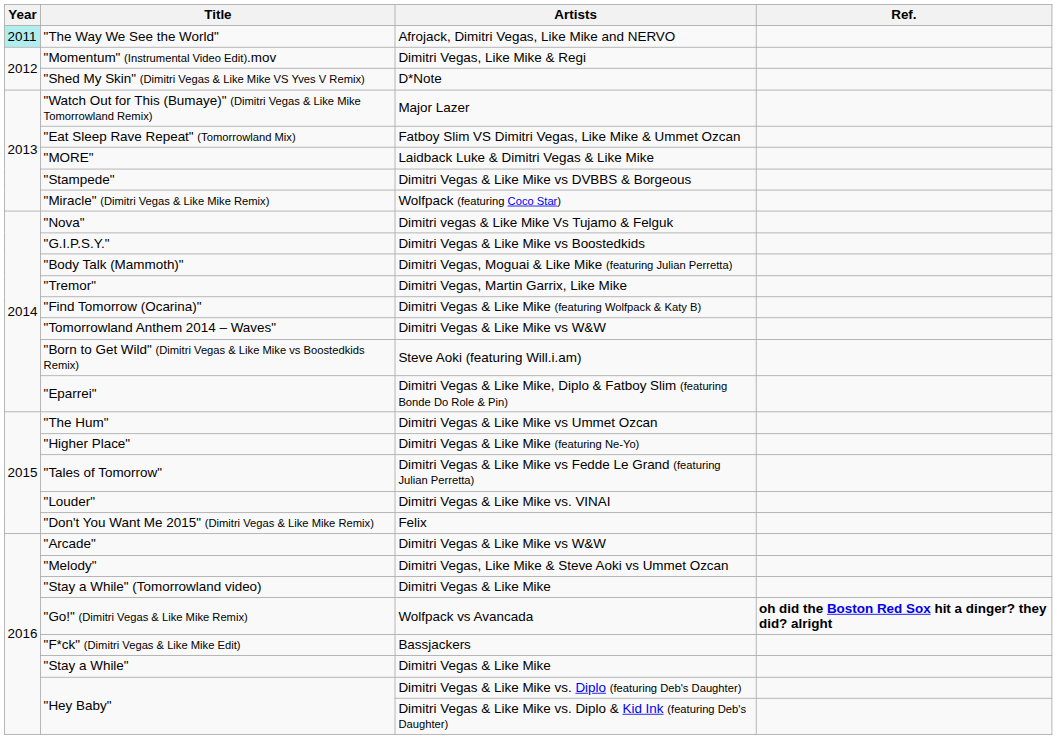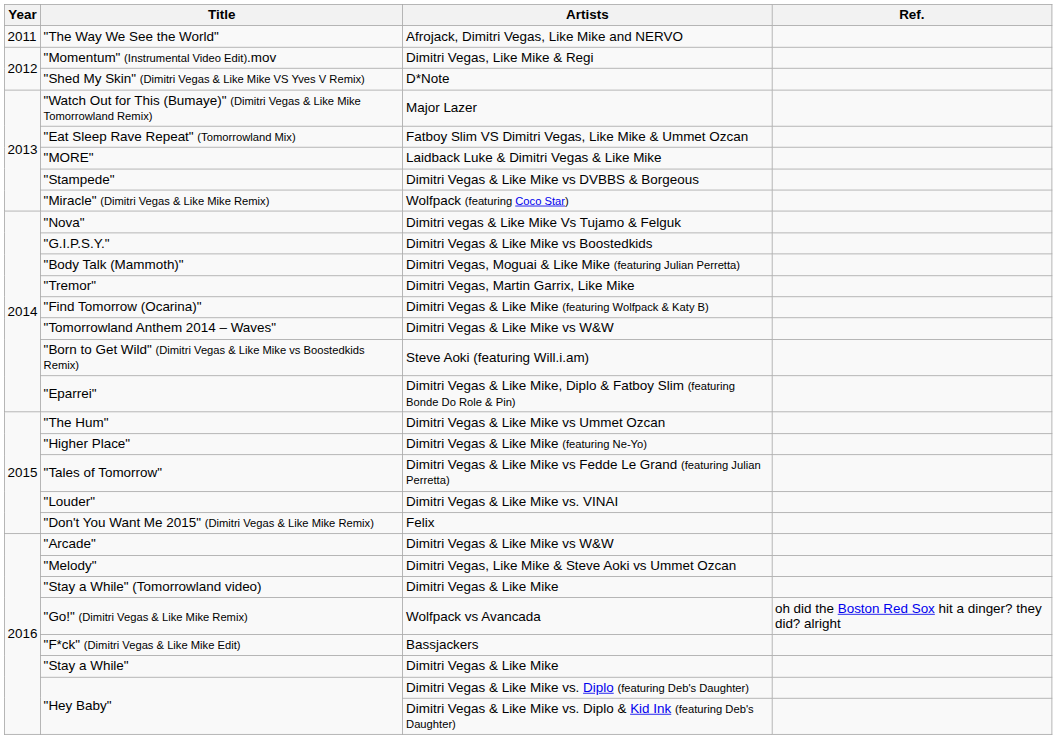 <table class="wikitable">
 <tr>
 <th>Year</th>
 <th>Title</th>
 <th>Artists</th>
 <th>Ref.</th>
 </tr>
 <tr>
-<td style="background: paleturquoise;">2011</td>
+<td>2011</td>
 <td>"The Way We See the World"</td>
 <td>Afrojack, Dimitri Vegas, Like Mike and NERVO</td>
 <td></td>
 </tr>
 <tr>
 <td rowspan="2">2012</td>
 <td>"Momentum" <small>(Instrumental Video Edit)</small>.mov</td>
 <td>Dimitri Vegas, Like Mike & Regi</td>
 <td></td>
 </tr>
 <tr>
 <td>"Shed My Skin" <small>(Dimitri Vegas & Like Mike VS Yves V Remix)</small></td>
 <td>D*Note</td>
 <td></td>
 </tr>
 <tr>
 <td rowspan="5">2013</td>
 <td>"Watch Out for This (Bumaye)" <small>(Dimitri Vegas & Like Mike Tomorrowland Remix)</small></td>
 <td>Major Lazer</td>
 <td></td>
 </tr>
 <tr>
 <td>"Eat Sleep Rave Repeat" <small>(Tomorrowland Mix)</small></td>
 <td>Fatboy Slim VS Dimitri Vegas, Like Mike & Ummet Ozcan</td>
 <td></td>
 </tr>
 <tr>
 <td>"MORE"</td>
 <td>Laidback Luke & Dimitri Vegas & Like Mike</td>
 <td></td>
 </tr>
 <tr>
 <td>"Stampede"</td>
 <td>Dimitri Vegas & Like Mike vs DVBBS & Borgeous</td>
 <td></td>
 </tr>
 <tr>
 <td>"Miracle" <small>(Dimitri Vegas & Like Mike Remix)</small></td>
 <td>Wolfpack <small>(featuring <a href='#'>Coco Star</a>)</small></td>
 <td></td>
 </tr>
 <tr>
 <td rowspan="8">2014</td>
 <td>"Nova"</td>
 <td>Dimitri vegas & Like Mike Vs Tujamo & Felguk</td>
 <td></td>
 </tr>
 <tr>
 <td>"G.I.P.S.Y."</td>
 <td>Dimitri Vegas & Like Mike vs Boostedkids</td>
 <td></td>
 </tr>
 <tr>
 <td>"Body Talk (Mammoth)"</td>
 <td>Dimitri Vegas, Moguai & Like Mike <small>(featuring Julian Perretta)</small></td>
 <td></td>
 </tr>
 <tr>
 <td>"Tremor"</td>
 <td>Dimitri Vegas, Martin Garrix, Like Mike</td>
 <td></td>
 </tr>
 <tr>
 <td>"Find Tomorrow (Ocarina)"</td>
 <td>Dimitri Vegas & Like Mike <small>(featuring Wolfpack & Katy B)</small></td>
 <td></td>
 </tr>
 <tr>
 <td>"Tomorrowland Anthem 2014 – Waves"</td>
 <td>Dimitri Vegas & Like Mike vs W&W</td>
 <td></td>
 </tr>
 <tr>
 <td>"Born to Get Wild" <small>(Dimitri Vegas & Like Mike vs Boostedkids Remix)</small></td>
 <td>Steve Aoki (featuring Will.i.am)</td>
 <td></td>
 </tr>
 <tr>
 <td>"Eparrei"</td>
 <td>Dimitri Vegas & Like Mike, Diplo & Fatboy Slim <small>(featuring Bonde Do Role & Pin)</small></td>
 <td></td>
 </tr>
 <tr>
 <td rowspan="5">2015</td>
 <td>"The Hum"</td>
 <td>Dimitri Vegas & Like Mike vs Ummet Ozcan</td>
 <td></td>
 </tr>
 <tr>
 <td>"Higher Place"</td>
 <td>Dimitri Vegas & Like Mike <small>(featuring Ne-Yo)</small></td>
 <td></td>
 </tr>
 <tr>
 <td>"Tales of Tomorrow"</td>
 <td>Dimitri Vegas & Like Mike vs Fedde Le Grand <small>(featuring Julian Perretta)</small></td>
 <td></td>
 </tr>
 <tr>
 <td>"Louder"</td>
 <td>Dimitri Vegas & Like Mike vs. VINAI</td>
 <td></td>
 </tr>
 <tr>
 <td>"Don't You Want Me 2015" <small>(Dimitri Vegas & Like Mike Remix)</small></td>
 <td>Felix</td>
 <td></td>
 </tr>
 <tr>
 <td rowspan="8">2016</td>
 <td>"Arcade"</td>
 <td>Dimitri Vegas & Like Mike vs W&W</td>
 <td></td>
 </tr>
 <tr>
 <td>"Melody"</td>
 <td>Dimitri Vegas, Like Mike & Steve Aoki vs Ummet Ozcan</td>
 <td></td>
 </tr>
 <tr>
 <td>"Stay a While" (Tomorrowland video)</td>
 <td>Dimitri Vegas & Like Mike</td>
 <td></td>
 </tr>
 <tr>
 <td>"Go!" <small>(Dimitri Vegas & Like Mike Remix)</small></td>
 <td>Wolfpack vs Avancada</td>
-<td><strong> oh did the <a href='#'>Boston Red Sox</a> hit a dinger? they did? alright</strong></td>
+<td> oh did the <a href='#'>Boston Red Sox</a> hit a dinger? they did? alright</td>
 </tr>
 <tr>
 <td>"F*ck" <small>(Dimitri Vegas & Like Mike Edit)</small></td>
 <td>Bassjackers</td>
 <td></td>
 </tr>
 <tr>
 <td>"Stay a While"</td>
 <td>Dimitri Vegas & Like Mike</td>
 <td></td>
 </tr>
 <tr>
 <td rowspan="2">"Hey Baby"</td>
 <td>Dimitri Vegas & Like Mike vs. <a href='#'>Diplo</a> <small>(featuring Deb's Daughter)</small></td>
 <td></td>
 </tr>
 <tr>
 <td>Dimitri Vegas & Like Mike vs. Diplo & <a href='#'>Kid Ink</a> <small>(featuring Deb's Daughter)</small></td>
 <td></td>
 </tr>
 </table>
